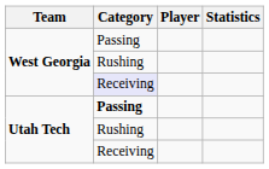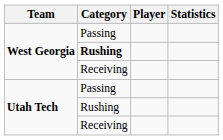 <table class="wikitable" style="float: right;">
 <tr>
 <th>Team</th>
 <th>Category</th>
 <th>Player</th>
 <th>Statistics</th>
 </tr>
 <tr>
 <td rowspan=3><strong>West Georgia</strong></td>
 <td>Passing</td>
 <td></td>
 <td></td>
 </tr>
 <tr>
-<td>Rushing</td>
+<td><strong>Rushing</strong></td>
 <td></td>
 <td></td>
 </tr>
 <tr>
-<td style="background: lavender;">Receiving</td>
+<td>Receiving</td>
 <td></td>
 <td></td>
 </tr>
 <tr>
 <td rowspan=3><strong>Utah Tech</strong></td>
-<td><strong>Passing</strong></td>
+<td>Passing</td>
 <td></td>
 <td></td>
 </tr>
 <tr>
 <td>Rushing</td>
 <td></td>
 <td></td>
 </tr>
 <tr>
 <td>Receiving</td>
 <td></td>
 <td></td>
 </tr>
 </table>
